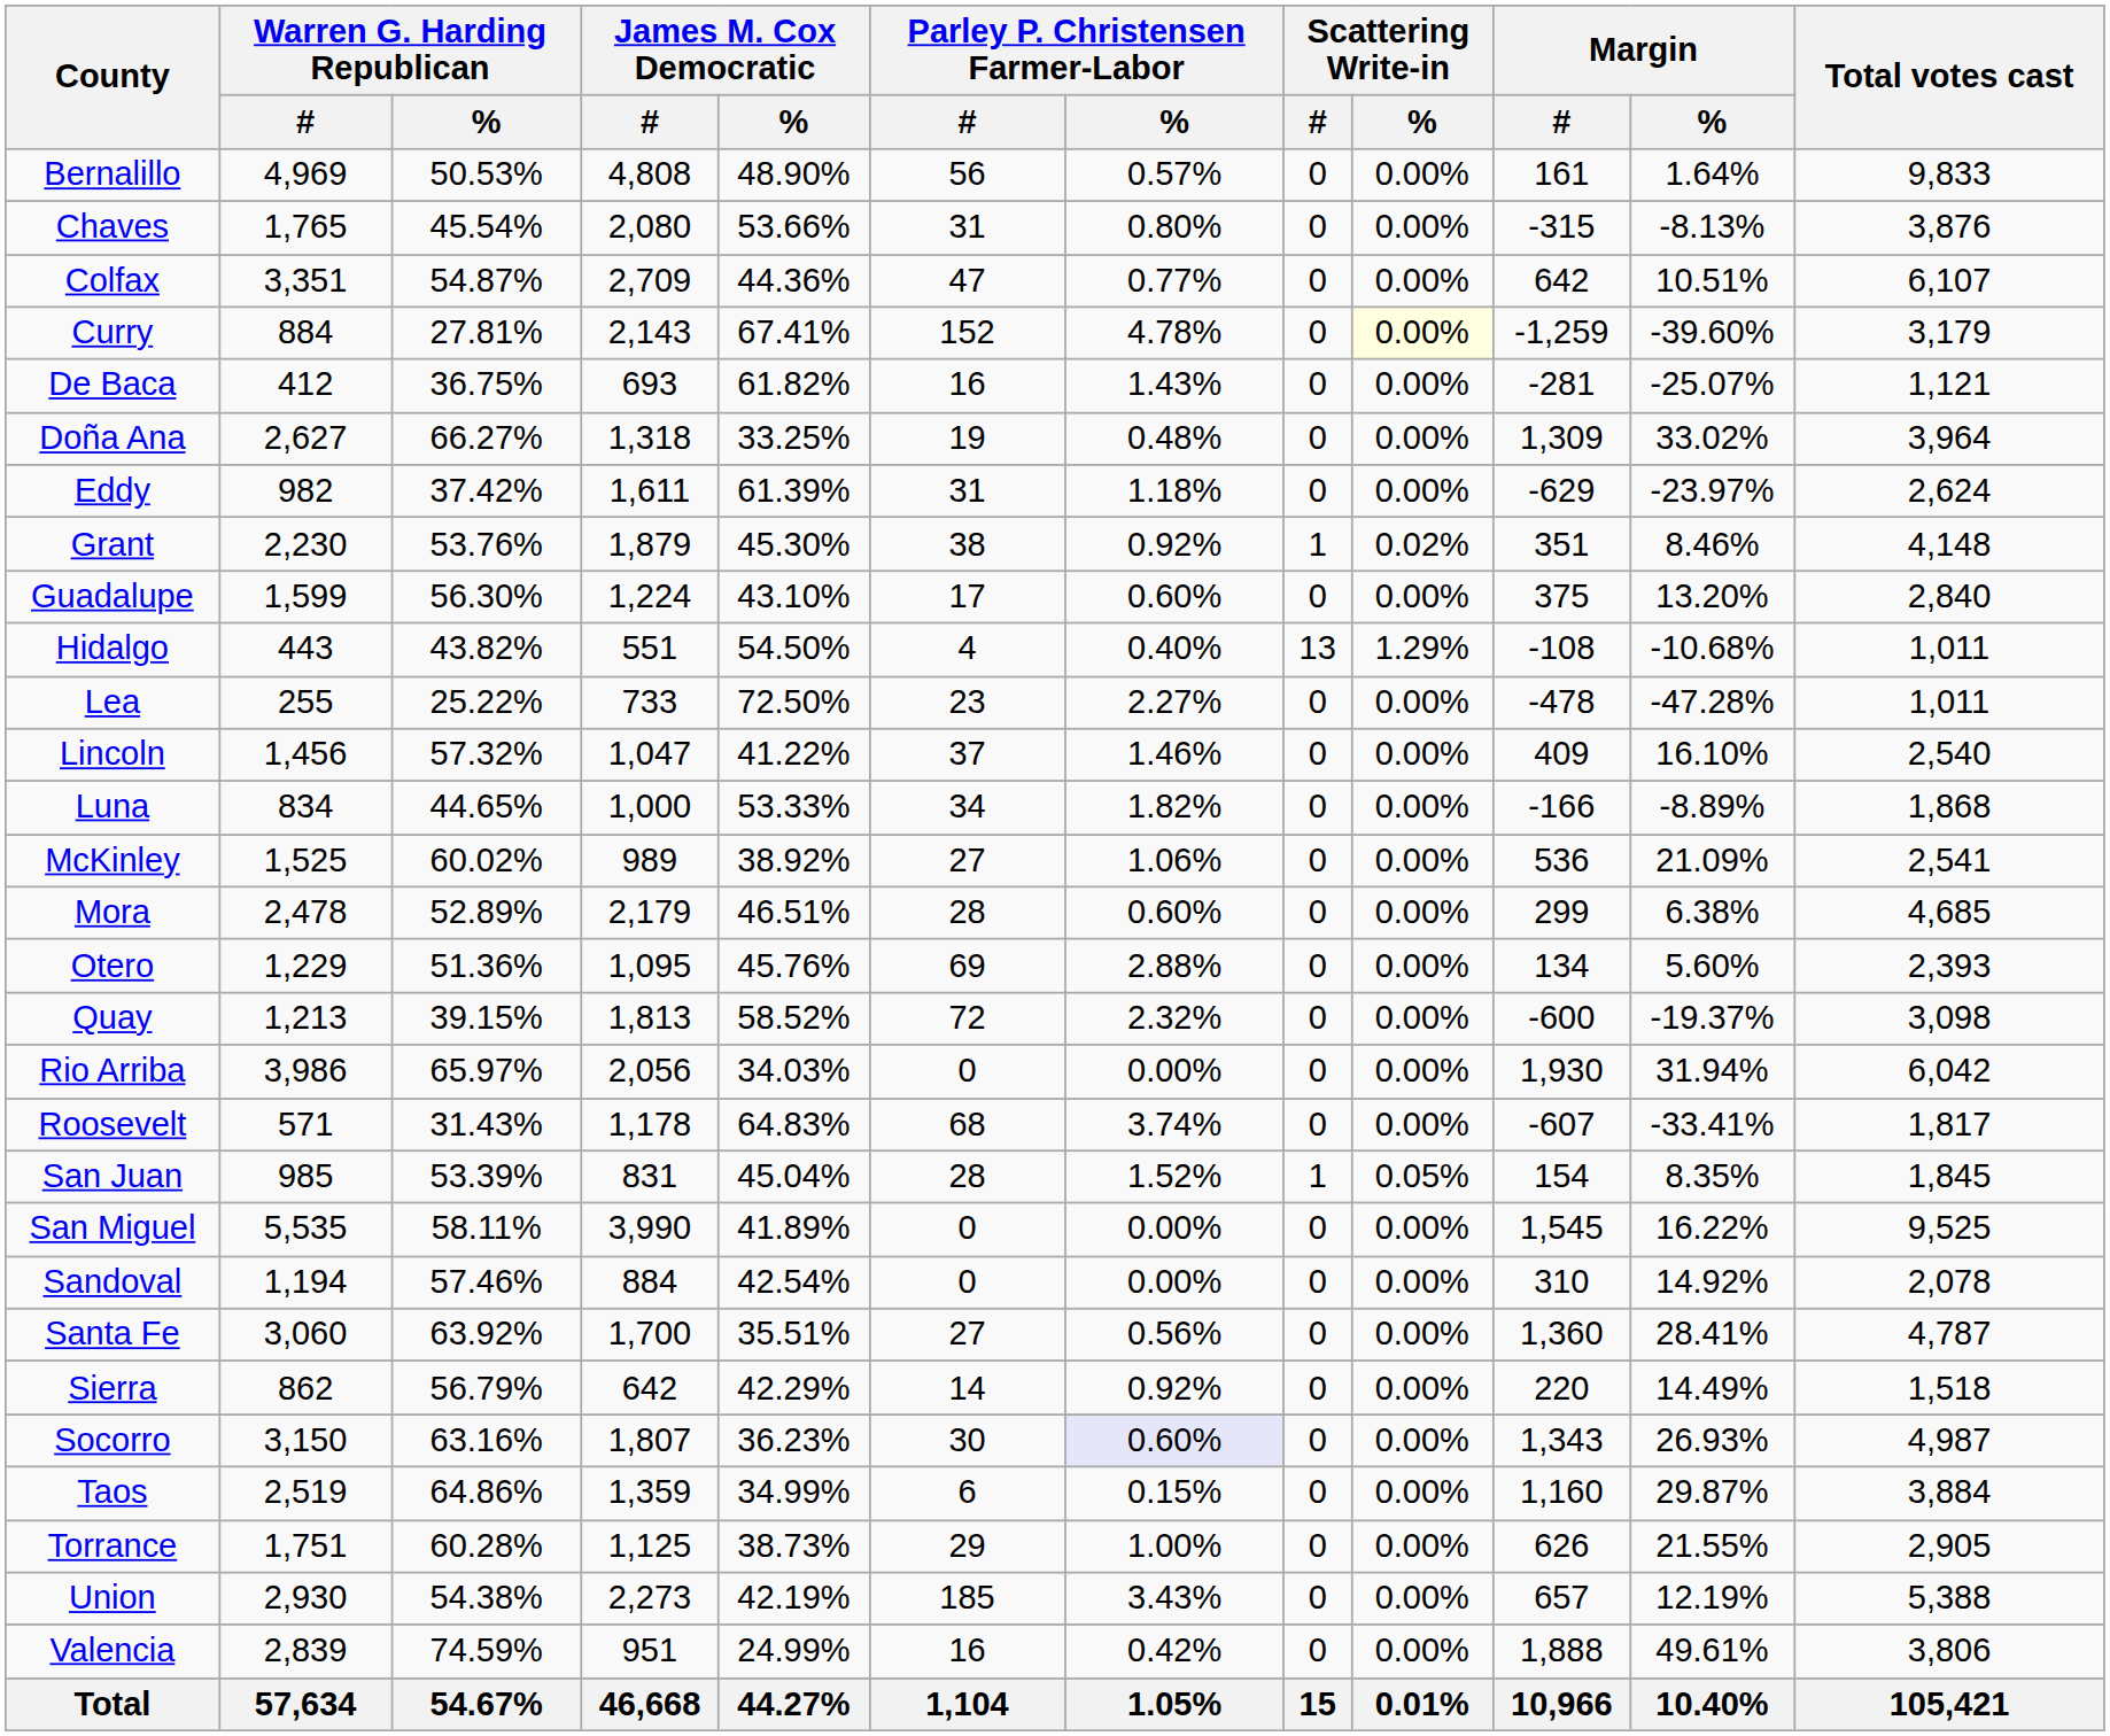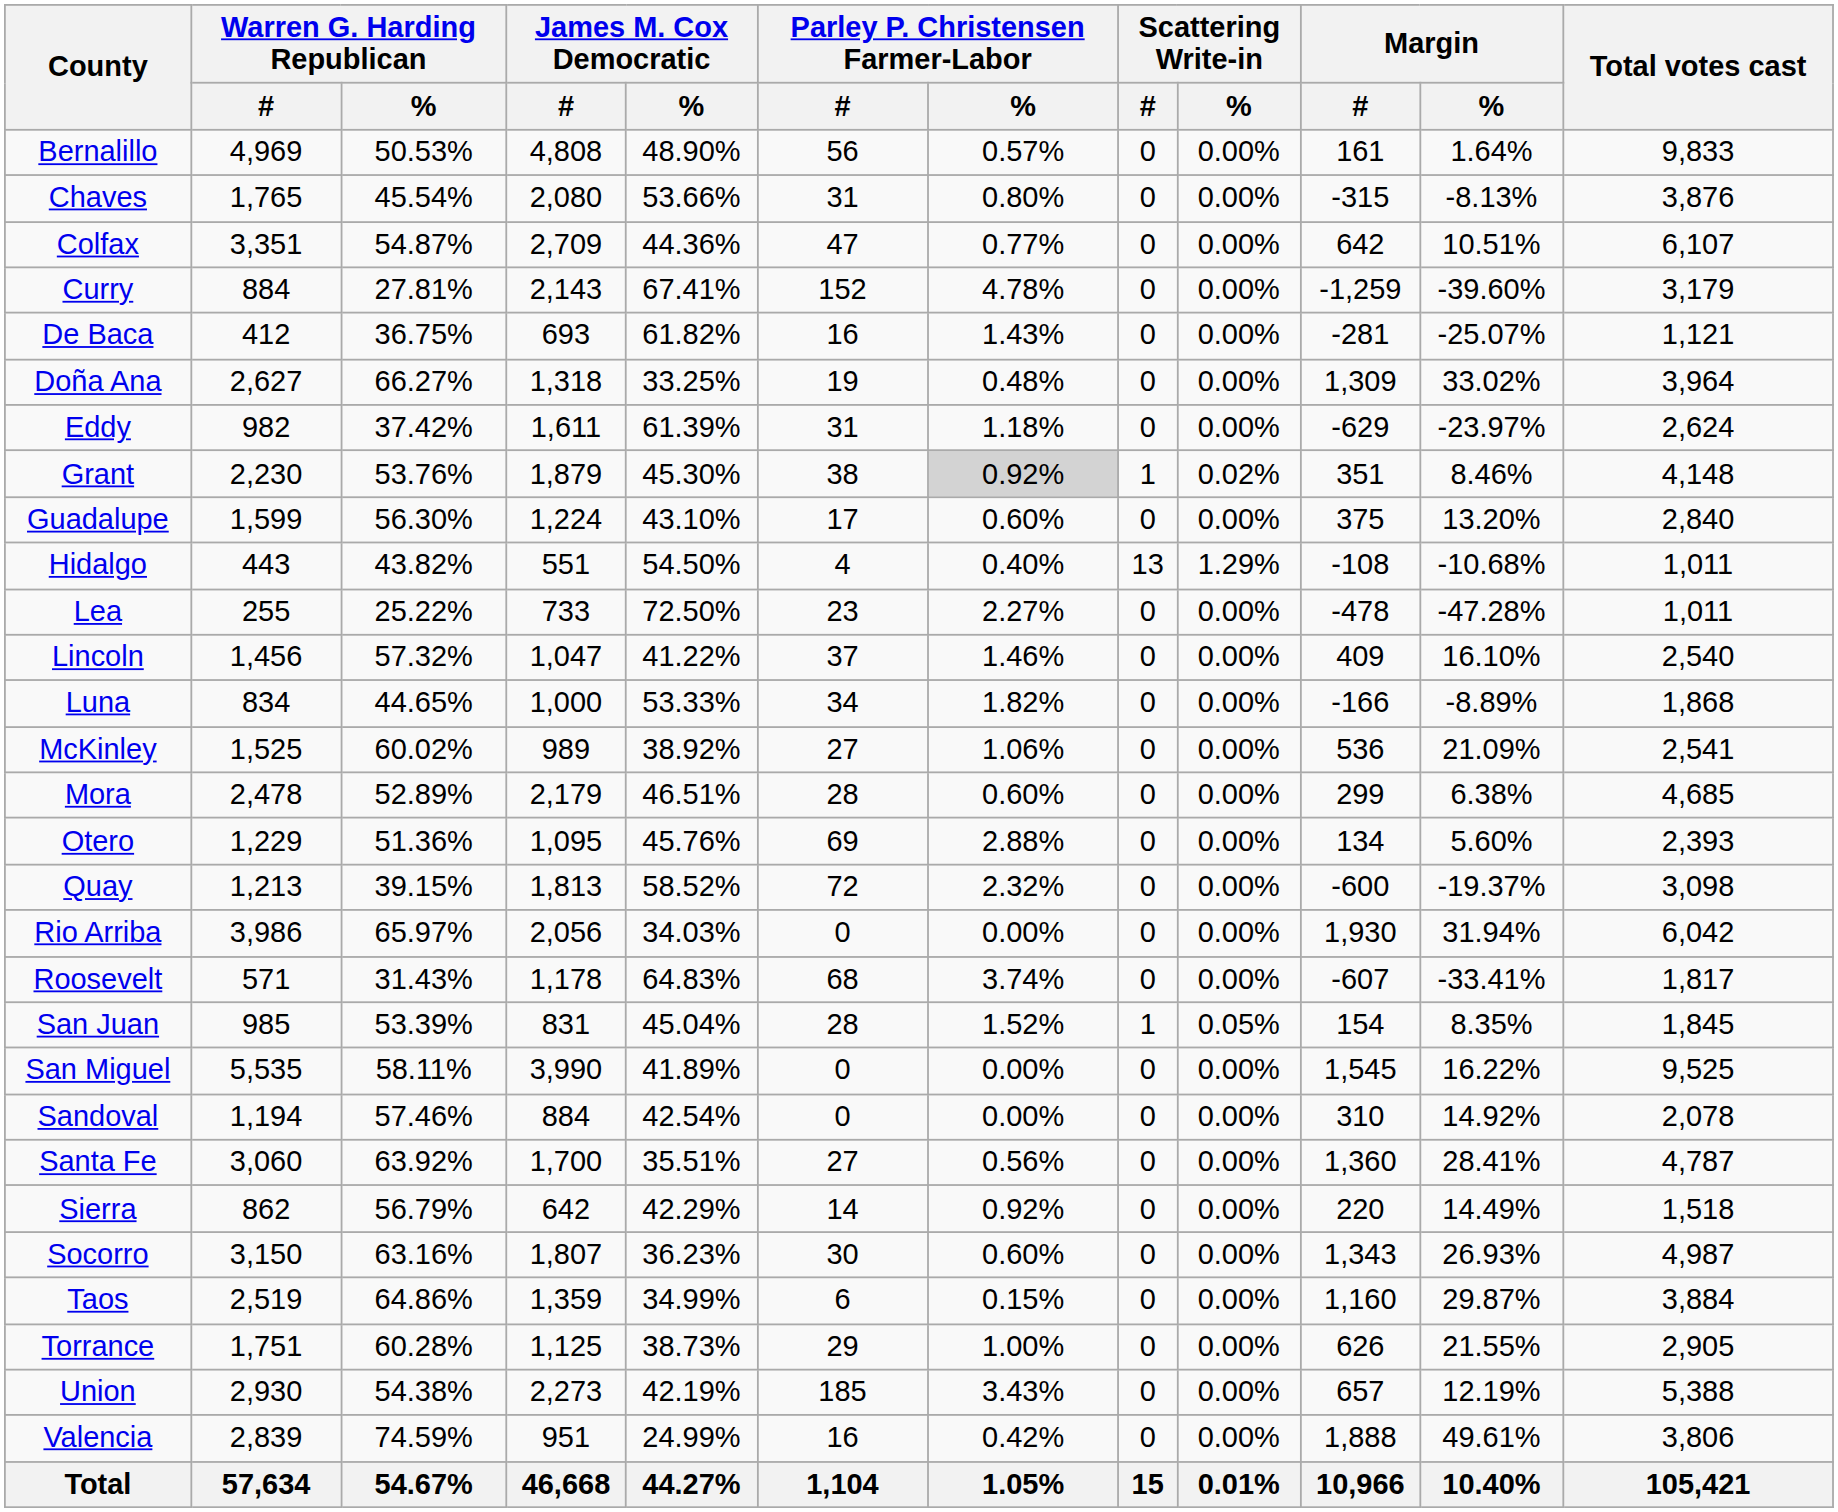 <table width="80%" class="wikitable sortable" style="text-align:center">
 <tr>
 <th style="text-align:center;" rowspan="2">County</th>
 <th style="text-align:center;" colspan="2"><a href='#'>Warren G. Harding</a><br>Republican</th>
 <th style="text-align:center;" colspan="2"><a href='#'>James M. Cox</a><br>Democratic</th>
 <th style="text-align:center;" colspan="2"><a href='#'>Parley P. Christensen</a><br>Farmer-Labor</th>
 <th style="text-align:center;" colspan="2">Scattering<br>Write-in</th>
 <th style="text-align:center;" colspan="2">Margin</th>
 <th style="text-align:center;" rowspan="2">Total votes cast</th>
 </tr>
 <tr>
 <th style="text-align:center;" data-sort-type="number">#</th>
 <th style="text-align:center;" data-sort-type="number">%</th>
 <th style="text-align:center;" data-sort-type="number">#</th>
 <th style="text-align:center;" data-sort-type="number">%</th>
 <th style="text-align:center;" data-sort-type="number">#</th>
 <th style="text-align:center;" data-sort-type="number">%</th>
 <th style="text-align:center;" data-sort-type="number">#</th>
 <th style="text-align:center;" data-sort-type="number">%</th>
 <th style="text-align:center;" data-sort-type="number">#</th>
 <th style="text-align:center;" data-sort-type="number">%</th>
 </tr>
 <tr style="text-align:center;">
 <td><a href='#'>Bernalillo</a></td>
 <td>4,969</td>
 <td>50.53%</td>
 <td>4,808</td>
 <td>48.90%</td>
 <td>56</td>
 <td>0.57%</td>
 <td>0</td>
 <td>0.00%</td>
 <td>161</td>
 <td>1.64%</td>
 <td>9,833</td>
 </tr>
 <tr style="text-align:center;">
 <td><a href='#'>Chaves</a></td>
 <td>1,765</td>
 <td>45.54%</td>
 <td>2,080</td>
 <td>53.66%</td>
 <td>31</td>
 <td>0.80%</td>
 <td>0</td>
 <td>0.00%</td>
 <td>-315</td>
 <td>-8.13%</td>
 <td>3,876</td>
 </tr>
 <tr style="text-align:center;">
 <td><a href='#'>Colfax</a></td>
 <td>3,351</td>
 <td>54.87%</td>
 <td>2,709</td>
 <td>44.36%</td>
 <td>47</td>
 <td>0.77%</td>
 <td>0</td>
 <td>0.00%</td>
 <td>642</td>
 <td>10.51%</td>
 <td>6,107</td>
 </tr>
 <tr style="text-align:center;">
 <td><a href='#'>Curry</a></td>
 <td>884</td>
 <td>27.81%</td>
 <td>2,143</td>
 <td>67.41%</td>
 <td>152</td>
 <td>4.78%</td>
 <td>0</td>
-<td style="background: lightyellow;">0.00%</td>
+<td>0.00%</td>
 <td>-1,259</td>
 <td>-39.60%</td>
 <td>3,179</td>
 </tr>
 <tr style="text-align:center;">
 <td><a href='#'>De Baca</a></td>
 <td>412</td>
 <td>36.75%</td>
 <td>693</td>
 <td>61.82%</td>
 <td>16</td>
 <td>1.43%</td>
 <td>0</td>
 <td>0.00%</td>
 <td>-281</td>
 <td>-25.07%</td>
 <td>1,121</td>
 </tr>
 <tr style="text-align:center;">
 <td><a href='#'>Doña Ana</a></td>
 <td>2,627</td>
 <td>66.27%</td>
 <td>1,318</td>
 <td>33.25%</td>
 <td>19</td>
 <td>0.48%</td>
 <td>0</td>
 <td>0.00%</td>
 <td>1,309</td>
 <td>33.02%</td>
 <td>3,964</td>
 </tr>
 <tr style="text-align:center;">
 <td><a href='#'>Eddy</a></td>
 <td>982</td>
 <td>37.42%</td>
 <td>1,611</td>
 <td>61.39%</td>
 <td>31</td>
 <td>1.18%</td>
 <td>0</td>
 <td>0.00%</td>
 <td>-629</td>
 <td>-23.97%</td>
 <td>2,624</td>
 </tr>
 <tr style="text-align:center;">
 <td><a href='#'>Grant</a></td>
 <td>2,230</td>
 <td>53.76%</td>
 <td>1,879</td>
 <td>45.30%</td>
 <td>38</td>
-<td>0.92%</td>
+<td style="background: lightgrey;">0.92%</td>
 <td>1</td>
 <td>0.02%</td>
 <td>351</td>
 <td>8.46%</td>
 <td>4,148</td>
 </tr>
 <tr style="text-align:center;">
 <td><a href='#'>Guadalupe</a></td>
 <td>1,599</td>
 <td>56.30%</td>
 <td>1,224</td>
 <td>43.10%</td>
 <td>17</td>
 <td>0.60%</td>
 <td>0</td>
 <td>0.00%</td>
 <td>375</td>
 <td>13.20%</td>
 <td>2,840</td>
 </tr>
 <tr style="text-align:center;">
 <td><a href='#'>Hidalgo</a></td>
 <td>443</td>
 <td>43.82%</td>
 <td>551</td>
 <td>54.50%</td>
 <td>4</td>
 <td>0.40%</td>
 <td>13</td>
 <td>1.29%</td>
 <td>-108</td>
 <td>-10.68%</td>
 <td>1,011</td>
 </tr>
 <tr style="text-align:center;">
 <td><a href='#'>Lea</a></td>
 <td>255</td>
 <td>25.22%</td>
 <td>733</td>
 <td>72.50%</td>
 <td>23</td>
 <td>2.27%</td>
 <td>0</td>
 <td>0.00%</td>
 <td>-478</td>
 <td>-47.28%</td>
 <td>1,011</td>
 </tr>
 <tr style="text-align:center;">
 <td><a href='#'>Lincoln</a></td>
 <td>1,456</td>
 <td>57.32%</td>
 <td>1,047</td>
 <td>41.22%</td>
 <td>37</td>
 <td>1.46%</td>
 <td>0</td>
 <td>0.00%</td>
 <td>409</td>
 <td>16.10%</td>
 <td>2,540</td>
 </tr>
 <tr style="text-align:center;">
 <td><a href='#'>Luna</a></td>
 <td>834</td>
 <td>44.65%</td>
 <td>1,000</td>
 <td>53.33%</td>
 <td>34</td>
 <td>1.82%</td>
 <td>0</td>
 <td>0.00%</td>
 <td>-166</td>
 <td>-8.89%</td>
 <td>1,868</td>
 </tr>
 <tr style="text-align:center;">
 <td><a href='#'>McKinley</a></td>
 <td>1,525</td>
 <td>60.02%</td>
 <td>989</td>
 <td>38.92%</td>
 <td>27</td>
 <td>1.06%</td>
 <td>0</td>
 <td>0.00%</td>
 <td>536</td>
 <td>21.09%</td>
 <td>2,541</td>
 </tr>
 <tr style="text-align:center;">
 <td><a href='#'>Mora</a></td>
 <td>2,478</td>
 <td>52.89%</td>
 <td>2,179</td>
 <td>46.51%</td>
 <td>28</td>
 <td>0.60%</td>
 <td>0</td>
 <td>0.00%</td>
 <td>299</td>
 <td>6.38%</td>
 <td>4,685</td>
 </tr>
 <tr style="text-align:center;">
 <td><a href='#'>Otero</a></td>
 <td>1,229</td>
 <td>51.36%</td>
 <td>1,095</td>
 <td>45.76%</td>
 <td>69</td>
 <td>2.88%</td>
 <td>0</td>
 <td>0.00%</td>
 <td>134</td>
 <td>5.60%</td>
 <td>2,393</td>
 </tr>
 <tr style="text-align:center;">
 <td><a href='#'>Quay</a></td>
 <td>1,213</td>
 <td>39.15%</td>
 <td>1,813</td>
 <td>58.52%</td>
 <td>72</td>
 <td>2.32%</td>
 <td>0</td>
 <td>0.00%</td>
 <td>-600</td>
 <td>-19.37%</td>
 <td>3,098</td>
 </tr>
 <tr style="text-align:center;">
 <td><a href='#'>Rio Arriba</a></td>
 <td>3,986</td>
 <td>65.97%</td>
 <td>2,056</td>
 <td>34.03%</td>
 <td>0</td>
 <td>0.00%</td>
 <td>0</td>
 <td>0.00%</td>
 <td>1,930</td>
 <td>31.94%</td>
 <td>6,042</td>
 </tr>
 <tr style="text-align:center;">
 <td><a href='#'>Roosevelt</a></td>
 <td>571</td>
 <td>31.43%</td>
 <td>1,178</td>
 <td>64.83%</td>
 <td>68</td>
 <td>3.74%</td>
 <td>0</td>
 <td>0.00%</td>
 <td>-607</td>
 <td>-33.41%</td>
 <td>1,817</td>
 </tr>
 <tr style="text-align:center;">
 <td><a href='#'>San Juan</a></td>
 <td>985</td>
 <td>53.39%</td>
 <td>831</td>
 <td>45.04%</td>
 <td>28</td>
 <td>1.52%</td>
 <td>1</td>
 <td>0.05%</td>
 <td>154</td>
 <td>8.35%</td>
 <td>1,845</td>
 </tr>
 <tr style="text-align:center;">
 <td><a href='#'>San Miguel</a></td>
 <td>5,535</td>
 <td>58.11%</td>
 <td>3,990</td>
 <td>41.89%</td>
 <td>0</td>
 <td>0.00%</td>
 <td>0</td>
 <td>0.00%</td>
 <td>1,545</td>
 <td>16.22%</td>
 <td>9,525</td>
 </tr>
 <tr style="text-align:center;">
 <td><a href='#'>Sandoval</a></td>
 <td>1,194</td>
 <td>57.46%</td>
 <td>884</td>
 <td>42.54%</td>
 <td>0</td>
 <td>0.00%</td>
 <td>0</td>
 <td>0.00%</td>
 <td>310</td>
 <td>14.92%</td>
 <td>2,078</td>
 </tr>
 <tr style="text-align:center;">
 <td><a href='#'>Santa Fe</a></td>
 <td>3,060</td>
 <td>63.92%</td>
 <td>1,700</td>
 <td>35.51%</td>
 <td>27</td>
 <td>0.56%</td>
 <td>0</td>
 <td>0.00%</td>
 <td>1,360</td>
 <td>28.41%</td>
 <td>4,787</td>
 </tr>
 <tr style="text-align:center;">
 <td><a href='#'>Sierra</a></td>
 <td>862</td>
 <td>56.79%</td>
 <td>642</td>
 <td>42.29%</td>
 <td>14</td>
 <td>0.92%</td>
 <td>0</td>
 <td>0.00%</td>
 <td>220</td>
 <td>14.49%</td>
 <td>1,518</td>
 </tr>
 <tr style="text-align:center;">
 <td><a href='#'>Socorro</a></td>
 <td>3,150</td>
 <td>63.16%</td>
 <td>1,807</td>
 <td>36.23%</td>
 <td>30</td>
-<td style="background: lavender;">0.60%</td>
+<td>0.60%</td>
 <td>0</td>
 <td>0.00%</td>
 <td>1,343</td>
 <td>26.93%</td>
 <td>4,987</td>
 </tr>
 <tr style="text-align:center;">
 <td><a href='#'>Taos</a></td>
 <td>2,519</td>
 <td>64.86%</td>
 <td>1,359</td>
 <td>34.99%</td>
 <td>6</td>
 <td>0.15%</td>
 <td>0</td>
 <td>0.00%</td>
 <td>1,160</td>
 <td>29.87%</td>
 <td>3,884</td>
 </tr>
 <tr style="text-align:center;">
 <td><a href='#'>Torrance</a></td>
 <td>1,751</td>
 <td>60.28%</td>
 <td>1,125</td>
 <td>38.73%</td>
 <td>29</td>
 <td>1.00%</td>
 <td>0</td>
 <td>0.00%</td>
 <td>626</td>
 <td>21.55%</td>
 <td>2,905</td>
 </tr>
 <tr style="text-align:center;">
 <td><a href='#'>Union</a></td>
 <td>2,930</td>
 <td>54.38%</td>
 <td>2,273</td>
 <td>42.19%</td>
 <td>185</td>
 <td>3.43%</td>
 <td>0</td>
 <td>0.00%</td>
 <td>657</td>
 <td>12.19%</td>
 <td>5,388</td>
 </tr>
 <tr style="text-align:center;">
 <td><a href='#'>Valencia</a></td>
 <td>2,839</td>
 <td>74.59%</td>
 <td>951</td>
 <td>24.99%</td>
 <td>16</td>
 <td>0.42%</td>
 <td>0</td>
 <td>0.00%</td>
 <td>1,888</td>
 <td>49.61%</td>
 <td>3,806</td>
 </tr>
 <tr style="text-align:center;">
 <th>Total</th>
 <th>57,634</th>
 <th>54.67%</th>
 <th>46,668</th>
 <th>44.27%</th>
 <th>1,104</th>
 <th>1.05%</th>
 <th>15</th>
 <th>0.01%</th>
 <th>10,966</th>
 <th>10.40%</th>
 <th>105,421</th>
 </tr>
 </table>
